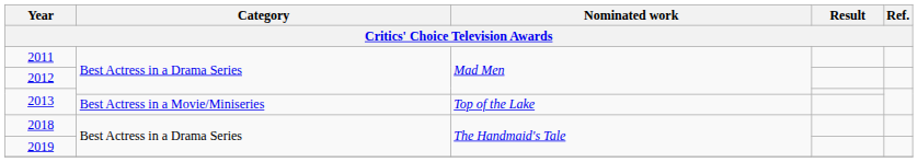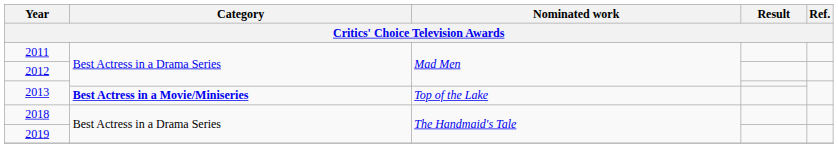 <table class=wikitable>
 <tr>
 <th scope="col" style="width:5em;">Year</th>
 <th scope="col" style="width:28em;">Category</th>
 <th scope="col" style="width:27em;">Nominated work</th>
 <th scope="col" style="width:5em;">Result</th>
 <th>Ref.</th>
 </tr>
 <tr>
 <th colspan=5><a href='#'>Critics' Choice Television Awards</a></th>
 </tr>
 <tr>
 <td scope="row" style="text-align:center;"><a href='#'>2011</a></td>
 <td rowspan="3"><a href='#'>Best Actress in a Drama Series</a></td>
 <td rowspan=3><em><a href='#'>Mad Men</a></em></td>
 <td></td>
 <td style="text-align:center;"></td>
 </tr>
 <tr>
 <td scope="row" style="text-align:center;"><a href='#'>2012</a></td>
 <td></td>
 <td style="text-align:center;"></td>
 </tr>
 <tr>
 <td scope="row" style="text-align:center;", rowspan=2><a href='#'>2013</a></td>
 <td></td>
 <td style="text-align:center;", rowspan=2></td>
 </tr>
 <tr>
-<td><a href='#'>Best Actress in a Movie/Miniseries</a></td>
+<td><strong><a href='#'>Best Actress in a Movie/Miniseries</a></strong></td>
 <td><em><a href='#'>Top of the Lake</a></em></td>
 <td></td>
 </tr>
 <tr>
 <td scope="row" style="text-align:center;"><a href='#'>2018</a></td>
 <td rowspan="2">Best Actress in a Drama Series</td>
 <td rowspan=2><em><a href='#'>The Handmaid's Tale</a></em></td>
 <td></td>
 <td style="text-align:center;"></td>
 </tr>
 <tr>
 <td scope="row" style="text-align:center;"><a href='#'>2019</a></td>
 <td></td>
 <td style="text-align:center;"></td>
 </tr>
 <tr>
 </tr>
 </table>
